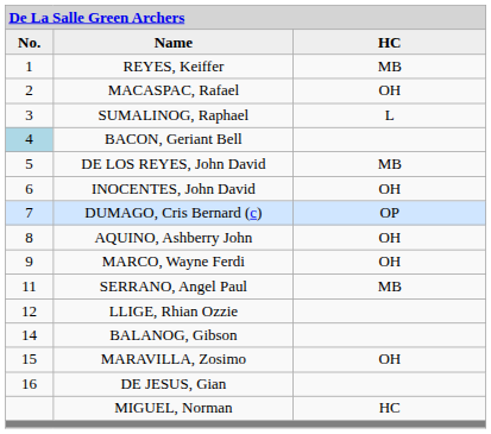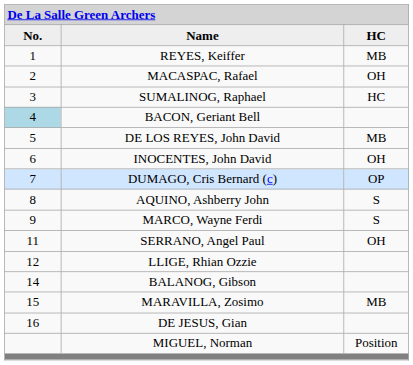 <table class='wikitable mw-collapsible mw-collapsed' style="text-align: center; width: 500px; border: none">
 <tr>
 <th style="background:#D4D4D4; text-align:left;" colspan=3><a href='#'>De La Salle Green Archers</a></th>
 </tr>
 <tr style="background:#EEEEEE; font-weight:bold;">
 <td width=10%>No.</td>
 <td width=50%>Name</td>
 <td>HC</td>
 </tr>
 <tr>
 <td>1</td>
 <td>REYES, Keiffer</td>
 <td>MB</td>
 </tr>
 <tr>
 <td>2</td>
 <td>MACASPAC, Rafael</td>
 <td>OH</td>
 </tr>
 <tr>
 <td>3</td>
 <td>SUMALINOG, Raphael</td>
-<td>L</td>
+<td>HC</td>
 </tr>
 <tr>
 <td style="background: lightblue;">4</td>
 <td>BACON, Geriant Bell</td>
 <td></td>
 </tr>
 <tr>
 <td>5</td>
 <td>DE LOS REYES, John David</td>
 <td>MB</td>
 </tr>
 <tr>
 <td>6</td>
 <td>INOCENTES, John David</td>
 <td>OH</td>
 </tr>
 <tr style="background: #D0E6FF">
 <td>7</td>
 <td>DUMAGO, Cris Bernard (<a href='#'>c</a>)</td>
 <td>OP</td>
 </tr>
 <tr>
 <td>8</td>
 <td>AQUINO, Ashberry John</td>
-<td>OH</td>
+<td>S</td>
 </tr>
 <tr>
 <td>9</td>
 <td>MARCO, Wayne Ferdi</td>
-<td>OH</td>
+<td>S</td>
 </tr>
 <tr>
 <td>11</td>
 <td>SERRANO, Angel Paul</td>
-<td>MB</td>
+<td>OH</td>
 </tr>
 <tr>
 <td>12</td>
 <td>LLIGE, Rhian Ozzie</td>
 <td></td>
 </tr>
 <tr>
 <td>14</td>
 <td>BALANOG, Gibson</td>
 <td></td>
 </tr>
 <tr>
 <td>15</td>
 <td>MARAVILLA, Zosimo</td>
-<td>OH</td>
+<td>MB</td>
 </tr>
 <tr>
 <td>16</td>
 <td>DE JESUS, Gian</td>
 <td></td>
 </tr>
 <tr>
 <td></td>
 <td>MIGUEL, Norman</td>
-<td>HC</td>
+<td width=10%>Position</td>
 </tr>
 <tr>
 <th style='background: grey;' colspan=3></th>
 </tr>
 </table>
